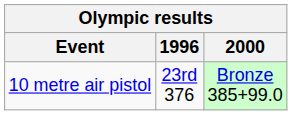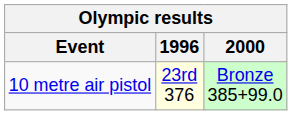 <table class="wikitable" style="text-align: center">
 <tr>
 <th colspan=3>Olympic results</th>
 </tr>
 <tr>
 <th>Event</th>
 <th>1996</th>
 <th>2000</th>
 </tr>
 <tr>
 <td align=left><a href='#'>10 metre air pistol</a></td>
-<td><a href='#'>23rd</a><br>376</td>
+<td style="background: lightyellow;"><a href='#'>23rd</a><br>376</td>
 <td style="background: #ccffcc"> <a href='#'>Bronze</a><br>385+99.0</td>
 </tr>
 </table>
